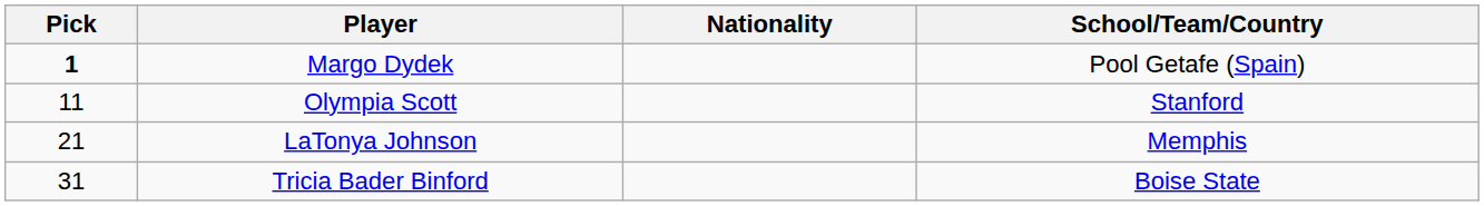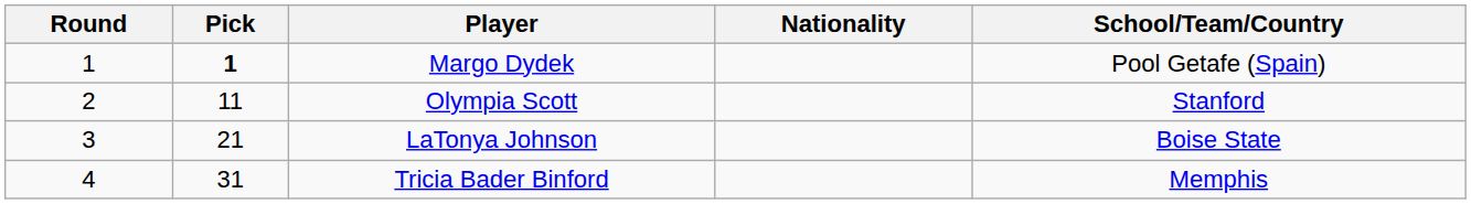 <table class="wikitable" style="text-align:center; width:60em">
 <tr>
+<th>Round</th>
 <th>Pick</th>
 <th>Player</th>
 <th>Nationality</th>
 <th>School/Team/Country</th>
 </tr>
 <tr>
+<td>1</td>
 <td><strong>1</strong></td>
 <td><a href='#'>Margo Dydek</a></td>
 <td></td>
 <td>Pool Getafe (<a href='#'>Spain</a>)</td>
 </tr>
 <tr>
+<td>2</td>
 <td>11</td>
 <td><a href='#'>Olympia Scott</a></td>
 <td></td>
 <td><a href='#'>Stanford</a></td>
 </tr>
 <tr>
+<td>3</td>
 <td>21</td>
 <td><a href='#'>LaTonya Johnson</a></td>
 <td></td>
-<td><a href='#'>Memphis</a></td>
+<td><a href='#'>Boise State</a></td>
 </tr>
 <tr>
+<td>4</td>
 <td>31</td>
 <td><a href='#'>Tricia Bader Binford</a></td>
 <td></td>
-<td><a href='#'>Boise State</a></td>
+<td><a href='#'>Memphis</a></td>
 </tr>
 </table>
